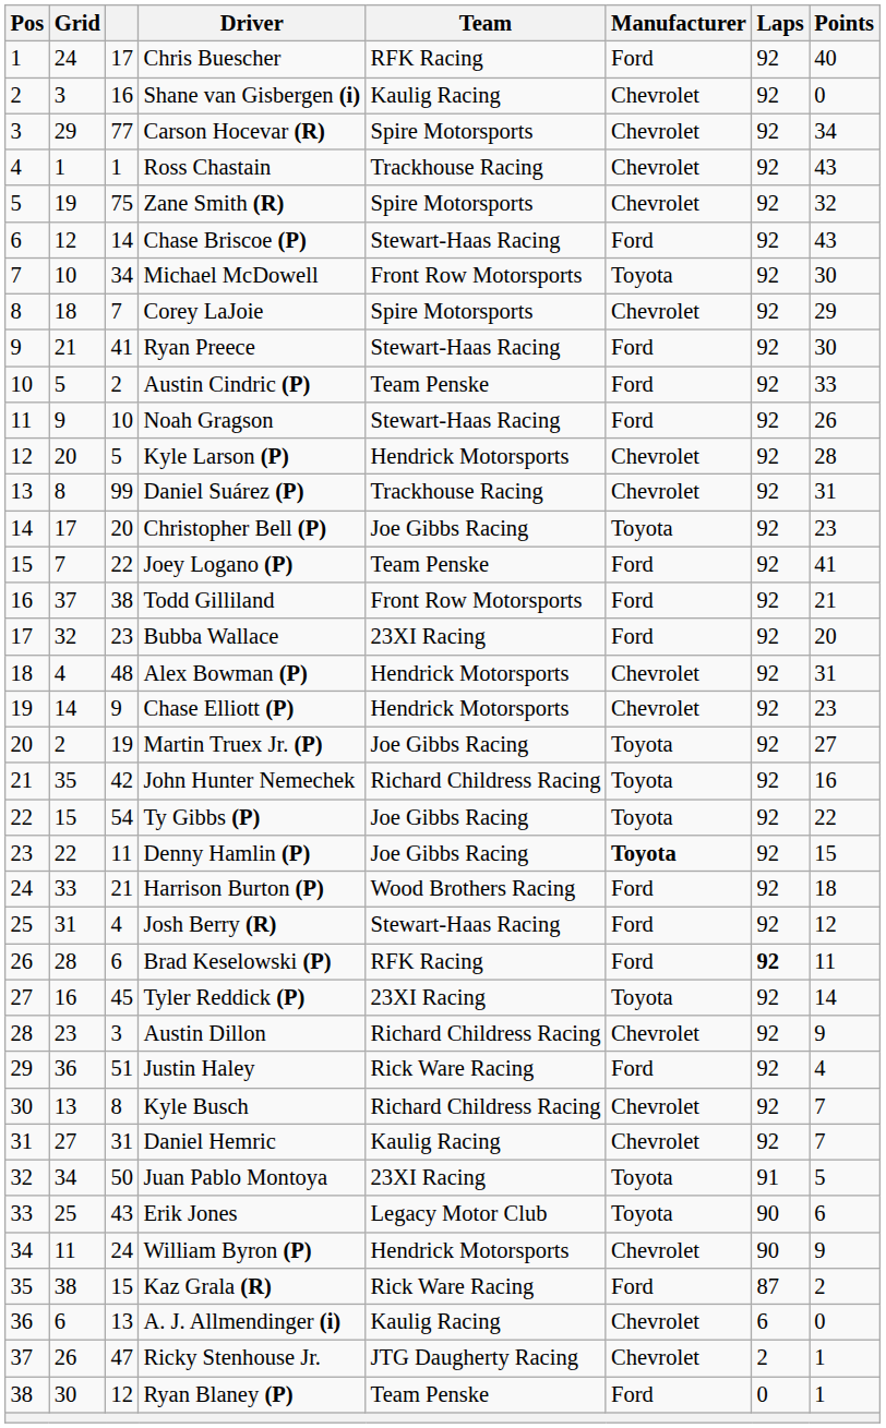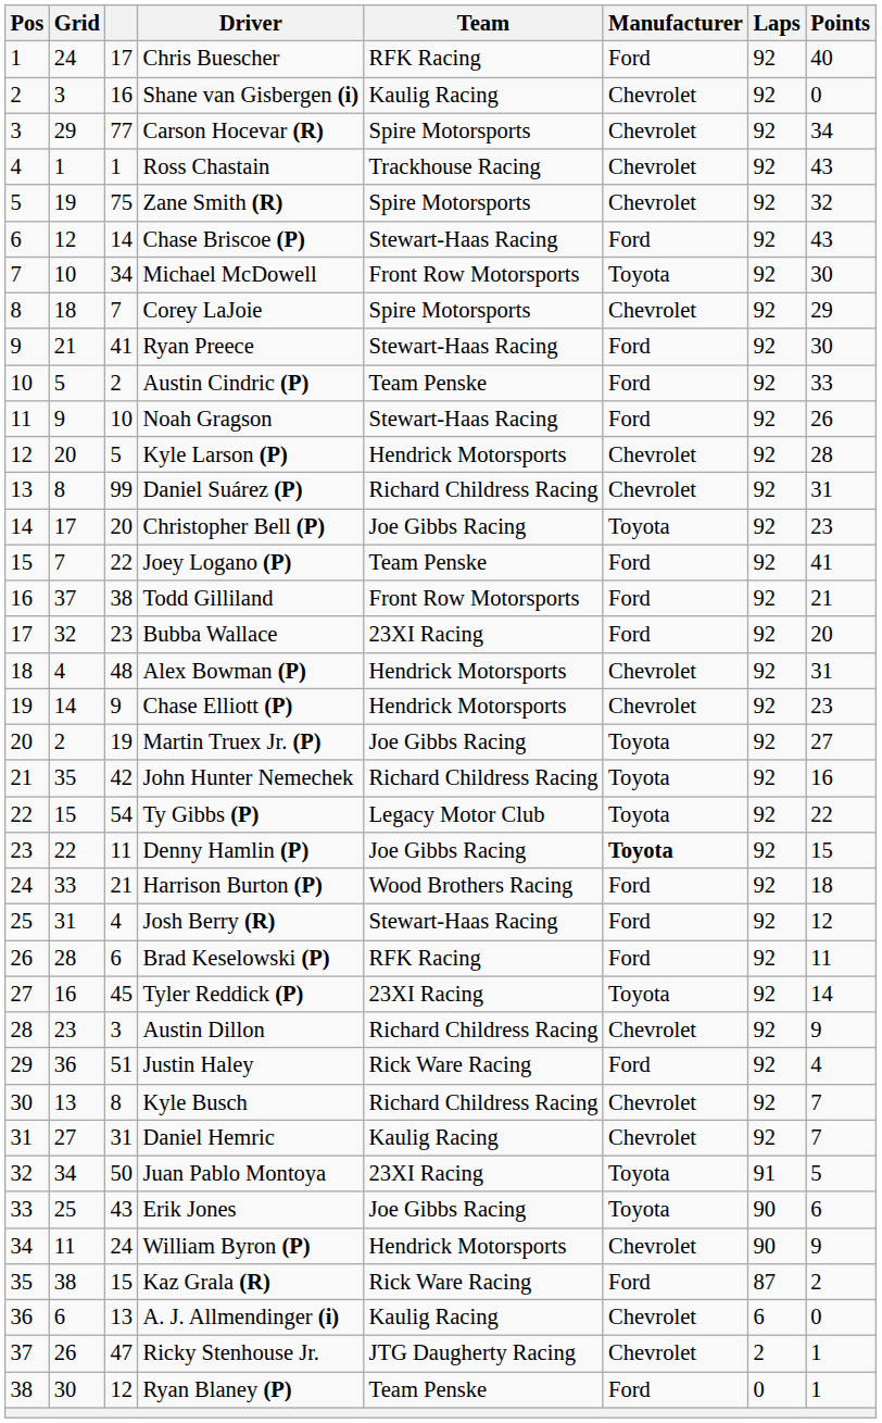 <table class="wikitable" style="font-size:98%">
 <tr>
 <th>Pos</th>
 <th>Grid</th>
 <th></th>
 <th>Driver</th>
 <th>Team</th>
 <th>Manufacturer</th>
 <th>Laps</th>
 <th>Points</th>
 </tr>
 <tr>
 <td>1</td>
 <td>24</td>
 <td>17</td>
 <td>Chris Buescher</td>
 <td>RFK Racing</td>
 <td>Ford</td>
 <td>92</td>
 <td>40</td>
 </tr>
 <tr>
 <td>2</td>
 <td>3</td>
 <td>16</td>
 <td>Shane van Gisbergen <strong>(i)</strong></td>
 <td>Kaulig Racing</td>
 <td>Chevrolet</td>
 <td>92</td>
 <td>0</td>
 </tr>
 <tr>
 <td>3</td>
 <td>29</td>
 <td>77</td>
 <td>Carson Hocevar <strong>(R)</strong></td>
 <td>Spire Motorsports</td>
 <td>Chevrolet</td>
 <td>92</td>
 <td>34</td>
 </tr>
 <tr>
 <td>4</td>
 <td>1</td>
 <td>1</td>
 <td>Ross Chastain</td>
 <td>Trackhouse Racing</td>
 <td>Chevrolet</td>
 <td>92</td>
 <td>43</td>
 </tr>
 <tr>
 <td>5</td>
 <td>19</td>
 <td>75</td>
 <td>Zane Smith <strong>(R)</strong></td>
 <td>Spire Motorsports</td>
 <td>Chevrolet</td>
 <td>92</td>
 <td>32</td>
 </tr>
 <tr>
 <td>6</td>
 <td>12</td>
 <td>14</td>
 <td>Chase Briscoe <strong>(P)</strong></td>
 <td>Stewart-Haas Racing</td>
 <td>Ford</td>
 <td>92</td>
 <td>43</td>
 </tr>
 <tr>
 <td>7</td>
 <td>10</td>
 <td>34</td>
 <td>Michael McDowell</td>
 <td>Front Row Motorsports</td>
 <td>Toyota</td>
 <td>92</td>
 <td>30</td>
 </tr>
 <tr>
 <td>8</td>
 <td>18</td>
 <td>7</td>
 <td>Corey LaJoie</td>
 <td>Spire Motorsports</td>
 <td>Chevrolet</td>
 <td>92</td>
 <td>29</td>
 </tr>
 <tr>
 <td>9</td>
 <td>21</td>
 <td>41</td>
 <td>Ryan Preece</td>
 <td>Stewart-Haas Racing</td>
 <td>Ford</td>
 <td>92</td>
 <td>30</td>
 </tr>
 <tr>
 <td>10</td>
 <td>5</td>
 <td>2</td>
 <td>Austin Cindric <strong>(P)</strong></td>
 <td>Team Penske</td>
 <td>Ford</td>
 <td>92</td>
 <td>33</td>
 </tr>
 <tr>
 <td>11</td>
 <td>9</td>
 <td>10</td>
 <td>Noah Gragson</td>
 <td>Stewart-Haas Racing</td>
 <td>Ford</td>
 <td>92</td>
 <td>26</td>
 </tr>
 <tr>
 <td>12</td>
 <td>20</td>
 <td>5</td>
 <td>Kyle Larson <strong>(P)</strong></td>
 <td>Hendrick Motorsports</td>
 <td>Chevrolet</td>
 <td>92</td>
 <td>28</td>
 </tr>
 <tr>
 <td>13</td>
 <td>8</td>
 <td>99</td>
 <td>Daniel Suárez <strong>(P)</strong></td>
-<td>Trackhouse Racing</td>
+<td>Richard Childress Racing</td>
 <td>Chevrolet</td>
 <td>92</td>
 <td>31</td>
 </tr>
 <tr>
 <td>14</td>
 <td>17</td>
 <td>20</td>
 <td>Christopher Bell <strong>(P)</strong></td>
 <td>Joe Gibbs Racing</td>
 <td>Toyota</td>
 <td>92</td>
 <td>23</td>
 </tr>
 <tr>
 <td>15</td>
 <td>7</td>
 <td>22</td>
 <td>Joey Logano <strong>(P)</strong></td>
 <td>Team Penske</td>
 <td>Ford</td>
 <td>92</td>
 <td>41</td>
 </tr>
 <tr>
 <td>16</td>
 <td>37</td>
 <td>38</td>
 <td>Todd Gilliland</td>
 <td>Front Row Motorsports</td>
 <td>Ford</td>
 <td>92</td>
 <td>21</td>
 </tr>
 <tr>
 <td>17</td>
 <td>32</td>
 <td>23</td>
 <td>Bubba Wallace</td>
 <td>23XI Racing</td>
 <td>Ford</td>
 <td>92</td>
 <td>20</td>
 </tr>
 <tr>
 <td>18</td>
 <td>4</td>
 <td>48</td>
 <td>Alex Bowman <strong>(P)</strong></td>
 <td>Hendrick Motorsports</td>
 <td>Chevrolet</td>
 <td>92</td>
 <td>31</td>
 </tr>
 <tr>
 <td>19</td>
 <td>14</td>
 <td>9</td>
 <td>Chase Elliott <strong>(P)</strong></td>
 <td>Hendrick Motorsports</td>
 <td>Chevrolet</td>
 <td>92</td>
 <td>23</td>
 </tr>
 <tr>
 <td>20</td>
 <td>2</td>
 <td>19</td>
 <td>Martin Truex Jr. <strong>(P)</strong></td>
 <td>Joe Gibbs Racing</td>
 <td>Toyota</td>
 <td>92</td>
 <td>27</td>
 </tr>
 <tr>
 <td>21</td>
 <td>35</td>
 <td>42</td>
 <td>John Hunter Nemechek</td>
 <td>Richard Childress Racing</td>
 <td>Toyota</td>
 <td>92</td>
 <td>16</td>
 </tr>
 <tr>
 <td>22</td>
 <td>15</td>
 <td>54</td>
 <td>Ty Gibbs <strong>(P)</strong></td>
-<td>Joe Gibbs Racing</td>
+<td>Legacy Motor Club</td>
 <td>Toyota</td>
 <td>92</td>
 <td>22</td>
 </tr>
 <tr>
 <td>23</td>
 <td>22</td>
 <td>11</td>
 <td>Denny Hamlin <strong>(P)</strong></td>
 <td>Joe Gibbs Racing</td>
 <td><strong>Toyota</strong></td>
 <td>92</td>
 <td>15</td>
 </tr>
 <tr>
 <td>24</td>
 <td>33</td>
 <td>21</td>
 <td>Harrison Burton <strong>(P)</strong></td>
 <td>Wood Brothers Racing</td>
 <td>Ford</td>
 <td>92</td>
 <td>18</td>
 </tr>
 <tr>
 <td>25</td>
 <td>31</td>
 <td>4</td>
 <td>Josh Berry <strong>(R)</strong></td>
 <td>Stewart-Haas Racing</td>
 <td>Ford</td>
 <td>92</td>
 <td>12</td>
 </tr>
 <tr>
 <td>26</td>
 <td>28</td>
 <td>6</td>
 <td>Brad Keselowski <strong>(P)</strong></td>
 <td>RFK Racing</td>
 <td>Ford</td>
-<td><strong>92</strong></td>
+<td>92</td>
 <td>11</td>
 </tr>
 <tr>
 <td>27</td>
 <td>16</td>
 <td>45</td>
 <td>Tyler Reddick <strong>(P)</strong></td>
 <td>23XI Racing</td>
 <td>Toyota</td>
 <td>92</td>
 <td>14</td>
 </tr>
 <tr>
 <td>28</td>
 <td>23</td>
 <td>3</td>
 <td>Austin Dillon</td>
 <td>Richard Childress Racing</td>
 <td>Chevrolet</td>
 <td>92</td>
 <td>9</td>
 </tr>
 <tr>
 <td>29</td>
 <td>36</td>
 <td>51</td>
 <td>Justin Haley</td>
 <td>Rick Ware Racing</td>
 <td>Ford</td>
 <td>92</td>
 <td>4</td>
 </tr>
 <tr>
 <td>30</td>
 <td>13</td>
 <td>8</td>
 <td>Kyle Busch</td>
 <td>Richard Childress Racing</td>
 <td>Chevrolet</td>
 <td>92</td>
 <td>7</td>
 </tr>
 <tr>
 <td>31</td>
 <td>27</td>
 <td>31</td>
 <td>Daniel Hemric</td>
 <td>Kaulig Racing</td>
 <td>Chevrolet</td>
 <td>92</td>
 <td>7</td>
 </tr>
 <tr>
 <td>32</td>
 <td>34</td>
 <td>50</td>
 <td>Juan Pablo Montoya</td>
 <td>23XI Racing</td>
 <td>Toyota</td>
 <td>91</td>
 <td>5</td>
 </tr>
 <tr>
 <td>33</td>
 <td>25</td>
 <td>43</td>
 <td>Erik Jones</td>
-<td>Legacy Motor Club</td>
+<td>Joe Gibbs Racing</td>
 <td>Toyota</td>
 <td>90</td>
 <td>6</td>
 </tr>
 <tr 0>
 <td>34</td>
 <td>11</td>
 <td>24</td>
 <td>William Byron <strong>(P)</strong></td>
 <td>Hendrick Motorsports</td>
 <td>Chevrolet</td>
 <td>90</td>
 <td>9</td>
 </tr>
 <tr>
 <td>35</td>
 <td>38</td>
 <td>15</td>
 <td>Kaz Grala <strong>(R)</strong></td>
 <td>Rick Ware Racing</td>
 <td>Ford</td>
 <td>87</td>
 <td>2</td>
 </tr>
 <tr>
 <td>36</td>
 <td>6</td>
 <td>13</td>
 <td>A. J. Allmendinger <strong>(i)</strong></td>
 <td>Kaulig Racing</td>
 <td>Chevrolet</td>
 <td>6</td>
 <td>0</td>
 </tr>
 <tr>
 <td>37</td>
 <td>26</td>
 <td>47</td>
 <td>Ricky Stenhouse Jr.</td>
 <td>JTG Daugherty Racing</td>
 <td>Chevrolet</td>
 <td>2</td>
 <td>1</td>
 </tr>
 <tr>
 <td>38</td>
 <td>30</td>
 <td>12</td>
 <td>Ryan Blaney <strong>(P)</strong></td>
 <td>Team Penske</td>
 <td>Ford</td>
 <td>0</td>
 <td>1</td>
 </tr>
 <tr>
 <th colspan="8"></th>
 </tr>
 </table>
